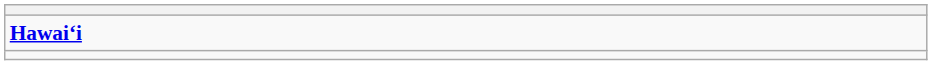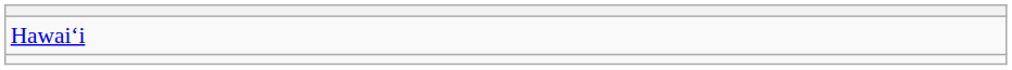 <table class="wikitable" style="font-size:90%" width=100%>
 <tr>
 <th scope="col"></th>
 </tr>
 <tr>
-<td><strong> <a href='#'>Hawaiʻi</a></strong></td>
+<td> <a href='#'>Hawaiʻi</a></td>
 </tr>
 <tr>
 <td></td>
 </tr>
 </table>
